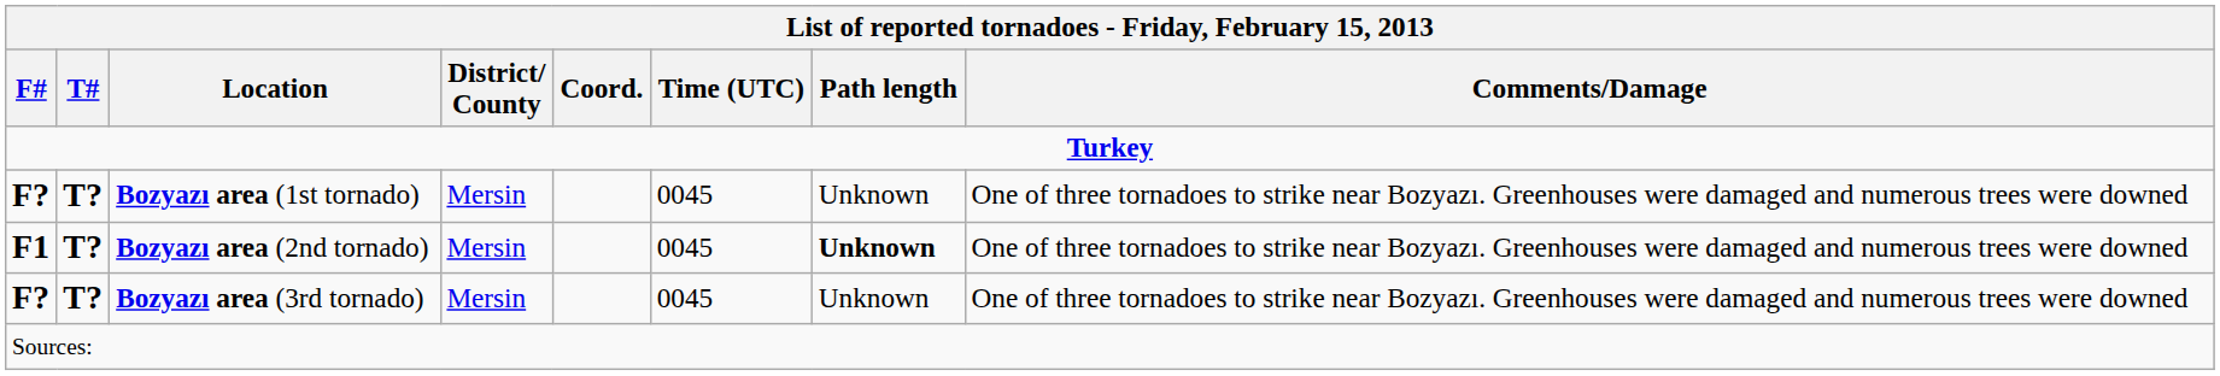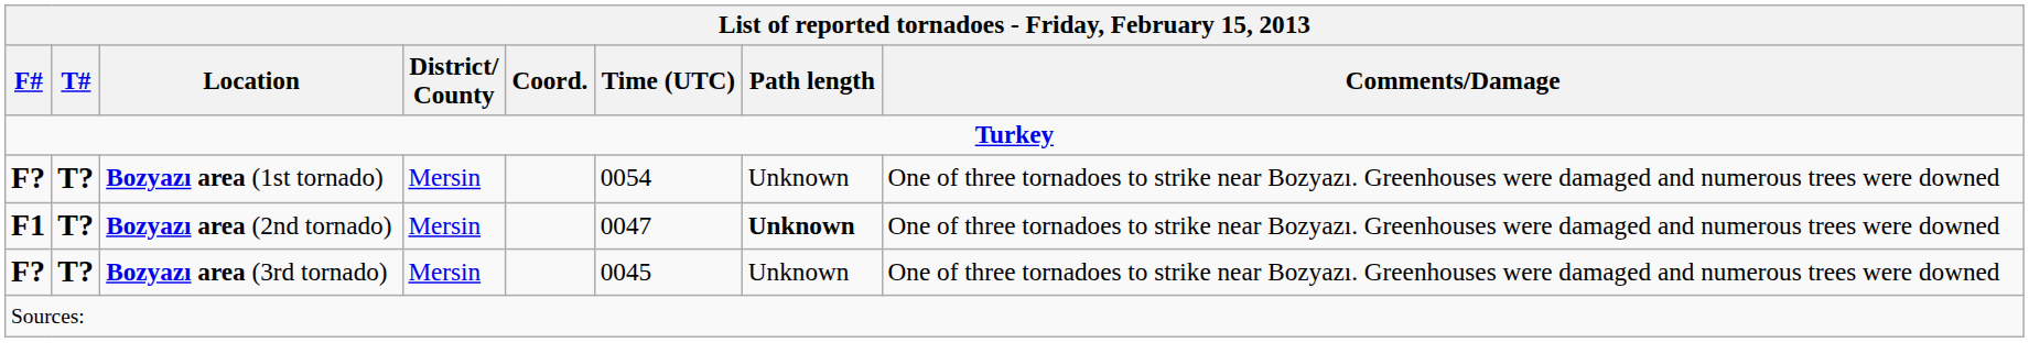 <table class="wikitable collapsible" width="100%">
 <tr>
 <th colspan="8">List of reported tornadoes - Friday, February 15, 2013</th>
 </tr>
 <tr>
 <th><a href='#'>F#</a></th>
 <th><a href='#'>T#</a></th>
 <th>Location</th>
 <th>District/<br>County</th>
 <th>Coord.</th>
 <th>Time (UTC)</th>
 <th>Path length</th>
 <th>Comments/Damage</th>
 </tr>
 <tr>
 <td colspan="8" align=center><strong><a href='#'>Turkey</a></strong></td>
 </tr>
 <tr>
 <td><big><strong>F?</strong></big></td>
 <td><big><strong>T?</strong></big></td>
 <td><strong><a href='#'>Bozyazı</a> area</strong> (1st tornado)</td>
 <td><a href='#'>Mersin</a></td>
 <td></td>
-<td>0045</td>
+<td>0054</td>
 <td>Unknown</td>
 <td>One of three tornadoes to strike near Bozyazı. Greenhouses were damaged and numerous trees were downed</td>
 </tr>
 <tr>
 <td><big><strong>F1</strong></big></td>
 <td><big><strong>T?</strong></big></td>
 <td><strong><a href='#'>Bozyazı</a> area</strong> (2nd tornado)</td>
 <td><a href='#'>Mersin</a></td>
 <td></td>
-<td>0045</td>
+<td>0047</td>
 <td><strong>Unknown</strong></td>
 <td>One of three tornadoes to strike near Bozyazı. Greenhouses were damaged and numerous trees were downed</td>
 </tr>
 <tr>
 <td><big><strong>F?</strong></big></td>
 <td><big><strong>T?</strong></big></td>
 <td><strong><a href='#'>Bozyazı</a> area</strong> (3rd tornado)</td>
 <td><a href='#'>Mersin</a></td>
 <td></td>
 <td>0045</td>
 <td>Unknown</td>
 <td>One of three tornadoes to strike near Bozyazı. Greenhouses were damaged and numerous trees were downed</td>
 </tr>
 <tr>
 <td colspan="8"><small>Sources:  </small></td>
 </tr>
 </table>
